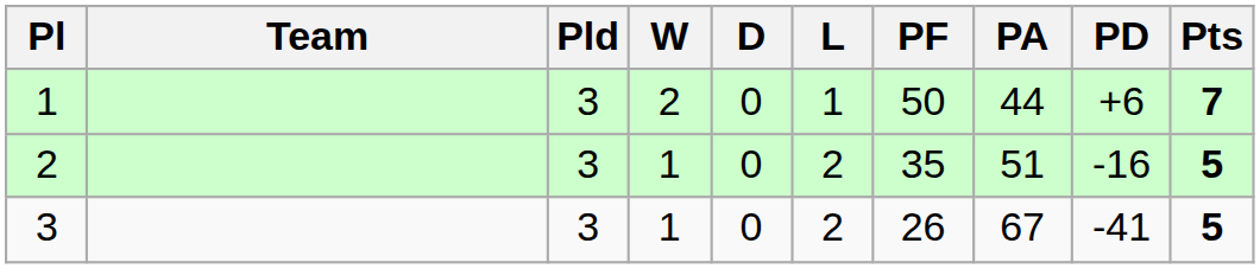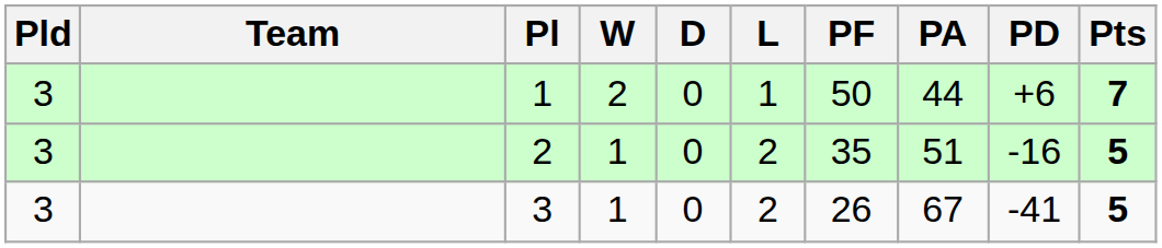 <table class="wikitable" style="text-align:center;">
 <tr>
+<th width=25 abbr="Played">Pld</th>
+<th width=175>Team</th>
 <th width=25 abbr="Place">Pl</th>
-<th width=175>Team</th>
-<th width=25 abbr="Played">Pld</th>
 <th width=25 abbr="Won">W</th>
 <th width=25 abbr="Drawn">D</th>
 <th width=25 abbr="Lost">L</th>
 <th width=32 abbr="Points for">PF</th>
 <th width=32 abbr="Points against">PA</th>
 <th width=32 abbr="Points difference">PD</th>
 <th width=25 abbr="Points">Pts</th>
 </tr>
 <tr bgcolor=ccffcc>
+<td>3</td>
+<td align="left"></td>
 <td>1</td>
-<td align="left"></td>
-<td>3</td>
 <td>2</td>
 <td>0</td>
 <td>1</td>
 <td>50</td>
 <td>44</td>
 <td>+6</td>
 <td><strong>7</strong></td>
 </tr>
 <tr bgcolor=ccffcc>
+<td>3</td>
+<td align=left></td>
 <td>2</td>
-<td align=left></td>
-<td>3</td>
 <td>1</td>
 <td>0</td>
 <td>2</td>
 <td>35</td>
 <td>51</td>
 <td>-16</td>
 <td><strong>5</strong></td>
 </tr>
 <tr>
 <td>3</td>
 <td align=left></td>
 <td>3</td>
 <td>1</td>
 <td>0</td>
 <td>2</td>
 <td>26</td>
 <td>67</td>
 <td>-41</td>
 <td><strong>5</strong></td>
 </tr>
 </table>
